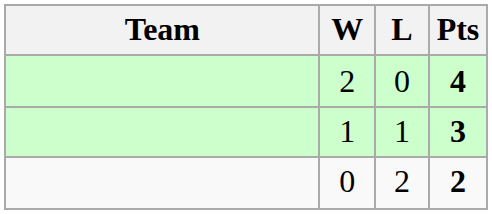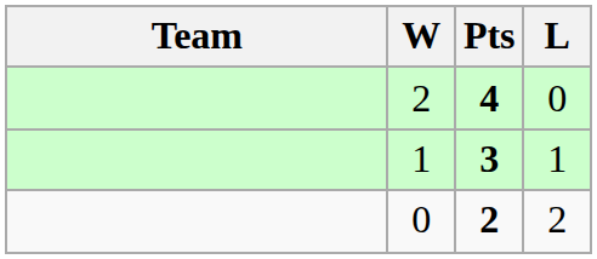 <table class="wikitable" style="text-align:center;">
 <tr>
 <th width=150>Team</th>
 <th width=20>W</th>
+<th width=20>Pts</th>
 <th width=20>L</th>
-<th width=20>Pts</th>
 </tr>
 <tr bgcolor="#ccffcc">
 <td align="left"></td>
 <td>2</td>
+<td><strong>4</strong></td>
 <td>0</td>
-<td><strong>4</strong></td>
 </tr>
 <tr bgcolor="#ccffcc">
 <td align="left"></td>
 <td>1</td>
+<td><strong>3</strong></td>
 <td>1</td>
-<td><strong>3</strong></td>
 </tr>
 <tr>
 <td align="left"></td>
 <td>0</td>
+<td><strong>2</strong></td>
 <td>2</td>
-<td><strong>2</strong></td>
 </tr>
 </table>
